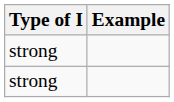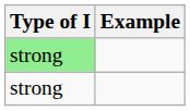 <table class="wikitable">
 <tr>
 <th>Type of I</th>
 <th>Example</th>
 </tr>
 <tr>
-<td>strong</td>
+<td style="background: lightgreen;">strong</td>
 <td></td>
 </tr>
 <tr>
 <td>strong</td>
 <td></td>
 </tr>
 </table>
